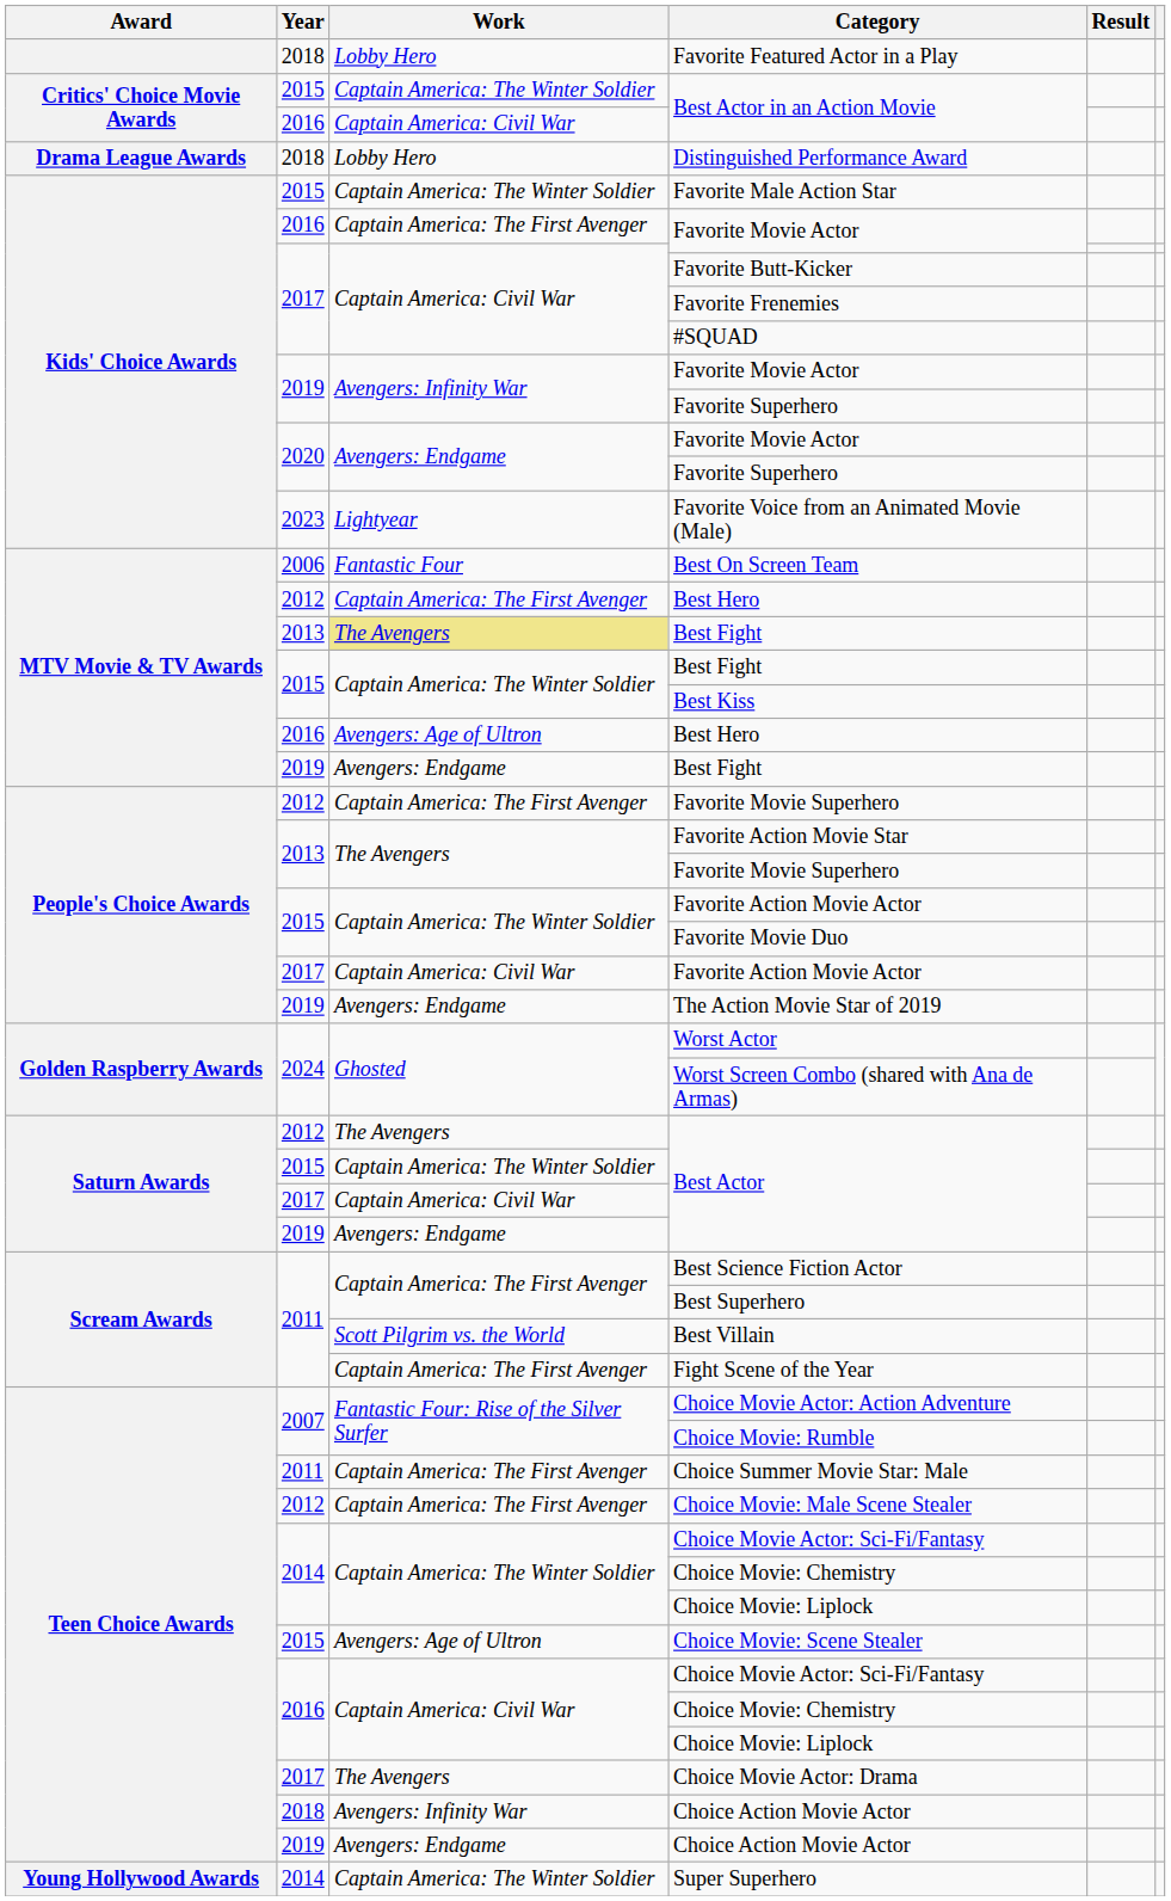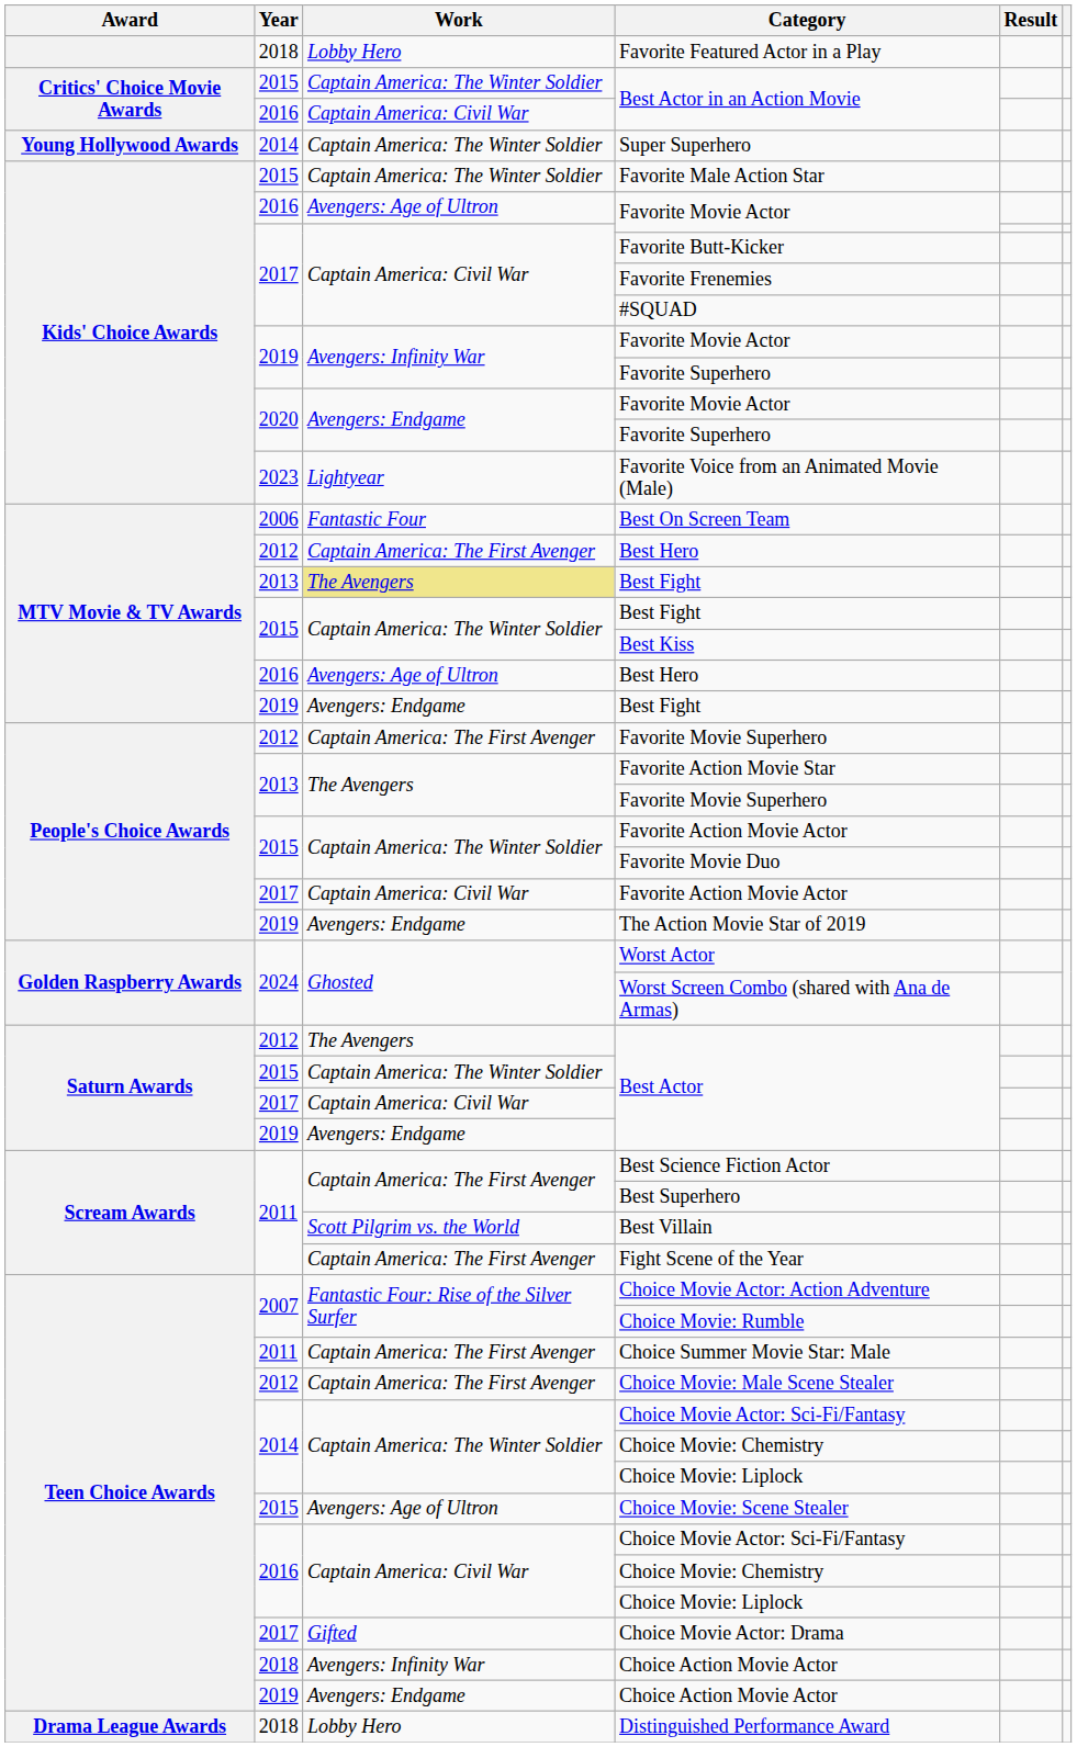 <table class="wikitable sortable plainrowheaders">
 <tr>
 <th scope="col">Award</th>
 <th scope="col">Year</th>
 <th scope="col">Work</th>
 <th scope="col">Category</th>
 <th scope="col">Result</th>
 <th scope="col" class="unsortable"></th>
 </tr>
 <tr>
 <th scope="row"></th>
 <td>2018</td>
 <td><em><a href='#'>Lobby Hero</a></em></td>
 <td>Favorite Featured Actor in a Play</td>
 <td></td>
 <td style="text-align: center;"></td>
 </tr>
 <tr>
 <th scope="row" rowspan=2><a href='#'>Critics' Choice Movie Awards</a></th>
 <td><a href='#'>2015</a></td>
 <td><em><a href='#'>Captain America: The Winter Soldier</a></em></td>
 <td rowspan=2><a href='#'>Best Actor in an Action Movie</a></td>
 <td></td>
 <td style="text-align: center;"></td>
 </tr>
 <tr>
 <td><a href='#'>2016</a></td>
 <td><em><a href='#'>Captain America: Civil War</a></em></td>
 <td></td>
 <td style="text-align: center;"></td>
 </tr>
 <tr>
-<th scope="row"><a href='#'>Drama League Awards</a></th>
-<td>2018</td>
-<td><em>Lobby Hero</em></td>
-<td><a href='#'>Distinguished Performance Award</a></td>
+<th scope="row"><a href='#'>Young Hollywood Awards</a></th>
+<td><a href='#'>2014</a></td>
+<td><em>Captain America: The Winter Soldier</em></td>
+<td>Super Superhero</td>
 <td></td>
 <td style="text-align: center;"></td>
 </tr>
 <tr>
 <th scope="row" rowspan=11><a href='#'>Kids' Choice Awards</a></th>
 <td><a href='#'>2015</a></td>
 <td><em>Captain America: The Winter Soldier</em></td>
 <td>Favorite Male Action Star</td>
 <td></td>
 <td style="text-align: center;"></td>
 </tr>
 <tr>
 <td><a href='#'>2016</a></td>
-<td><em>Captain America: The First Avenger</em></td>
+<td><em><a href='#'>Avengers: Age of Ultron</a></em></td>
 <td rowspan=2>Favorite Movie Actor</td>
 <td></td>
 <td style="text-align: center;"></td>
 </tr>
 <tr>
 <td rowspan=4><a href='#'>2017</a></td>
 <td rowspan=4><em>Captain America: Civil War</em></td>
 <td></td>
 <td style="text-align: center;"></td>
 </tr>
 <tr>
 <td>Favorite Butt-Kicker</td>
 <td></td>
 <td style="text-align: center;"></td>
 </tr>
 <tr>
 <td>Favorite Frenemies </td>
 <td></td>
 <td style="text-align: center;"></td>
 </tr>
 <tr>
 <td>#SQUAD </td>
 <td></td>
 <td style="text-align: center;"></td>
 </tr>
 <tr>
 <td rowspan=2><a href='#'>2019</a></td>
 <td rowspan=2><em><a href='#'>Avengers: Infinity War</a></em></td>
 <td>Favorite Movie Actor</td>
 <td></td>
 <td style="text-align:center;"></td>
 </tr>
 <tr>
 <td>Favorite Superhero</td>
 <td></td>
 <td style="text-align: center;"></td>
 </tr>
 <tr>
 <td rowspan=2><a href='#'>2020</a></td>
 <td rowspan=2><em><a href='#'>Avengers: Endgame</a></em></td>
 <td>Favorite Movie Actor</td>
 <td></td>
 <td style="text-align:center;"></td>
 </tr>
 <tr>
 <td>Favorite Superhero</td>
 <td></td>
 <td style="text-align: center;"></td>
 </tr>
 <tr>
 <td><a href='#'>2023</a></td>
 <td><em><a href='#'>Lightyear</a></em></td>
 <td>Favorite Voice from an Animated Movie (Male)</td>
 <td></td>
 <td style="text-align:center;"></td>
 </tr>
 <tr>
 <th scope="row" rowspan=7><a href='#'>MTV Movie & TV Awards</a></th>
 <td><a href='#'>2006</a></td>
 <td><em><a href='#'>Fantastic Four</a></em></td>
 <td><a href='#'>Best On Screen Team</a></td>
 <td></td>
 <td style="text-align: center;"></td>
 </tr>
 <tr>
 <td><a href='#'>2012</a></td>
 <td><em><a href='#'>Captain America: The First Avenger</a></em></td>
 <td><a href='#'>Best Hero</a></td>
 <td></td>
 <td style="text-align: center;"></td>
 </tr>
 <tr>
 <td><a href='#'>2013</a></td>
 <td style="background: khaki;"><em><a href='#'>The Avengers</a></em></td>
 <td><a href='#'>Best Fight</a> </td>
 <td></td>
 <td style="text-align: center;"></td>
 </tr>
 <tr>
 <td rowspan=2><a href='#'>2015</a></td>
 <td rowspan=2><em>Captain America: The Winter Soldier</em></td>
 <td>Best Fight </td>
 <td></td>
 <td style="text-align: center;"></td>
 </tr>
 <tr>
 <td><a href='#'>Best Kiss</a> </td>
 <td></td>
 <td style="text-align: center;"></td>
 </tr>
 <tr>
 <td><a href='#'>2016</a></td>
 <td><em><a href='#'>Avengers: Age of Ultron</a></em></td>
 <td>Best Hero</td>
 <td></td>
 <td style="text-align: center;"></td>
 </tr>
 <tr>
 <td><a href='#'>2019</a></td>
 <td><em>Avengers: Endgame</em></td>
 <td>Best Fight </td>
 <td></td>
 <td style="text-align: center;"></td>
 </tr>
 <tr>
 <th scope="row" rowspan=7><a href='#'>People's Choice Awards</a></th>
 <td><a href='#'>2012</a></td>
 <td><em>Captain America: The First Avenger</em></td>
 <td>Favorite Movie Superhero</td>
 <td></td>
 <td style="text-align: center;"></td>
 </tr>
 <tr>
 <td rowspan=2><a href='#'>2013</a></td>
 <td rowspan=2><em>The Avengers</em></td>
 <td>Favorite Action Movie Star</td>
 <td></td>
 <td style="text-align: center;"></td>
 </tr>
 <tr>
 <td>Favorite Movie Superhero</td>
 <td></td>
 <td style="text-align: center;"></td>
 </tr>
 <tr>
 <td rowspan=2><a href='#'>2015</a></td>
 <td rowspan=2><em>Captain America: The Winter Soldier</em></td>
 <td>Favorite Action Movie Actor</td>
 <td></td>
 <td style="text-align: center;"></td>
 </tr>
 <tr>
 <td>Favorite Movie Duo </td>
 <td></td>
 <td style="text-align: center;"></td>
 </tr>
 <tr>
 <td><a href='#'>2017</a></td>
 <td><em>Captain America: Civil War</em></td>
 <td>Favorite Action Movie Actor</td>
 <td></td>
 <td style="text-align: center;"></td>
 </tr>
 <tr>
 <td><a href='#'>2019</a></td>
 <td><em>Avengers: Endgame</em></td>
 <td>The Action Movie Star of 2019</td>
 <td></td>
 <td style="text-align: center;"></td>
 </tr>
 <tr>
 <th scope="row" rowspan="2"><a href='#'>Golden Raspberry Awards</a></th>
 <td rowspan="2"><a href='#'>2024</a></td>
 <td rowspan="2"><em><a href='#'>Ghosted</a></em></td>
 <td><a href='#'>Worst Actor</a></td>
 <td></td>
 <td rowspan="2" style="text-align: center;"></td>
 </tr>
 <tr>
 <td><a href='#'>Worst Screen Combo</a> (shared with <a href='#'>Ana de Armas</a>)</td>
 <td></td>
 </tr>
 <tr>
 <th scope="row" rowspan=4><a href='#'>Saturn Awards</a></th>
 <td><a href='#'>2012</a></td>
 <td><em>The Avengers</em></td>
 <td rowspan=4><a href='#'>Best Actor</a></td>
 <td></td>
 <td style="text-align: center;"></td>
 </tr>
 <tr>
 <td><a href='#'>2015</a></td>
 <td><em>Captain America: The Winter Soldier</em></td>
 <td></td>
 <td style="text-align: center;"></td>
 </tr>
 <tr>
 <td><a href='#'>2017</a></td>
 <td><em>Captain America: Civil War</em></td>
 <td></td>
 <td style="text-align: center;"></td>
 </tr>
 <tr>
 <td><a href='#'>2019</a></td>
 <td><em>Avengers: Endgame</em></td>
 <td></td>
 <td style="text-align: center;"></td>
 </tr>
 <tr>
 <th scope="row" rowspan=4><a href='#'>Scream Awards</a></th>
 <td rowspan=4><a href='#'>2011</a></td>
 <td rowspan=2><em>Captain America: The First Avenger</em></td>
 <td>Best Science Fiction Actor</td>
 <td></td>
 <td style="text-align: center;"></td>
 </tr>
 <tr>
 <td>Best Superhero</td>
 <td></td>
 <td style="text-align: center;"></td>
 </tr>
 <tr>
 <td><em><a href='#'>Scott Pilgrim vs. the World</a></em></td>
 <td>Best Villain </td>
 <td></td>
 <td style="text-align: center;"></td>
 </tr>
 <tr>
 <td><em>Captain America: The First Avenger</em></td>
 <td>Fight Scene of the Year </td>
 <td></td>
 <td style="text-align: center;"></td>
 </tr>
 <tr>
 <th scope="row" rowspan=14><a href='#'>Teen Choice Awards</a></th>
 <td rowspan=2><a href='#'>2007</a></td>
 <td rowspan=2><em><a href='#'>Fantastic Four: Rise of the Silver Surfer</a></em></td>
 <td><a href='#'>Choice Movie Actor: Action Adventure</a></td>
 <td></td>
 <td style="text-align: center;"></td>
 </tr>
 <tr>
 <td><a href='#'>Choice Movie: Rumble</a></td>
 <td></td>
 <td style="text-align: center;"></td>
 </tr>
 <tr>
 <td><a href='#'>2011</a></td>
 <td><em>Captain America: The First Avenger</em></td>
 <td>Choice Summer Movie Star: Male</td>
 <td></td>
 <td style="text-align: center;"></td>
 </tr>
 <tr>
 <td><a href='#'>2012</a></td>
 <td><em>Captain America: The First Avenger</em></td>
 <td><a href='#'>Choice Movie: Male Scene Stealer</a></td>
 <td></td>
 <td style="text-align: center;"></td>
 </tr>
 <tr>
 <td rowspan=3><a href='#'>2014</a></td>
 <td rowspan=3><em>Captain America: The Winter Soldier</em></td>
 <td><a href='#'>Choice Movie Actor: Sci-Fi/Fantasy</a></td>
 <td></td>
 <td style="text-align: center;"></td>
 </tr>
 <tr>
 <td>Choice Movie: Chemistry </td>
 <td></td>
 <td style="text-align: center;"></td>
 </tr>
 <tr>
 <td>Choice Movie: Liplock </td>
 <td></td>
 <td style="text-align: center;"></td>
 </tr>
 <tr>
 <td><a href='#'>2015</a></td>
 <td><em>Avengers: Age of Ultron</em></td>
 <td><a href='#'>Choice Movie: Scene Stealer</a></td>
 <td></td>
 <td style="text-align: center;"></td>
 </tr>
 <tr>
 <td rowspan=3><a href='#'>2016</a></td>
 <td rowspan=3><em>Captain America: Civil War</em></td>
 <td>Choice Movie Actor: Sci-Fi/Fantasy</td>
 <td></td>
 <td style="text-align: center;"></td>
 </tr>
 <tr>
 <td>Choice Movie: Chemistry </td>
 <td></td>
 <td style="text-align: center;"></td>
 </tr>
 <tr>
 <td>Choice Movie: Liplock </td>
 <td></td>
 <td style="text-align: center;"></td>
 </tr>
 <tr>
 <td><a href='#'>2017</a></td>
-<td><em>The Avengers</em></td>
+<td><em><a href='#'>Gifted</a></em></td>
 <td>Choice Movie Actor: Drama</td>
 <td></td>
 <td style="text-align: center;"></td>
 </tr>
 <tr>
 <td><a href='#'>2018</a></td>
 <td><em>Avengers: Infinity War</em></td>
 <td>Choice Action Movie Actor</td>
 <td></td>
 <td style="text-align:center;"></td>
 </tr>
 <tr>
 <td><a href='#'>2019</a></td>
 <td><em>Avengers: Endgame</em></td>
 <td>Choice Action Movie Actor</td>
 <td></td>
 <td style="text-align:center;"></td>
 </tr>
 <tr>
-<th scope="row"><a href='#'>Young Hollywood Awards</a></th>
-<td><a href='#'>2014</a></td>
-<td><em>Captain America: The Winter Soldier</em></td>
-<td>Super Superhero</td>
+<th scope="row"><a href='#'>Drama League Awards</a></th>
+<td>2018</td>
+<td><em>Lobby Hero</em></td>
+<td><a href='#'>Distinguished Performance Award</a></td>
 <td></td>
 <td style="text-align: center;"></td>
 </tr>
 <tr>
 </tr>
 </table>
